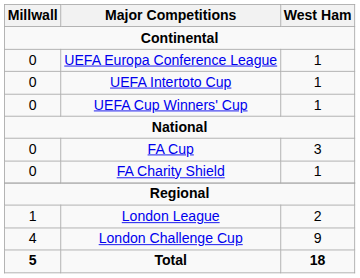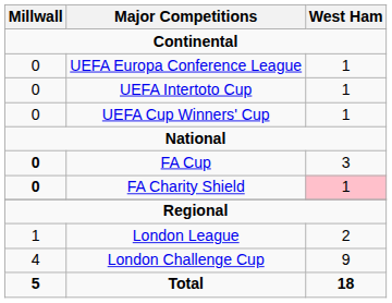 <table class="sortable wikitable plainrowheaders" style="text-align:center">
 <tr>
 <th scope="col";>Millwall</th>
 <th>Major Competitions</th>
 <th scope="col";>West Ham</th>
 </tr>
 <tr>
 <td colspan="3"><strong>Continental</strong></td>
 </tr>
 <tr>
 <td>0</td>
 <td><a href='#'>UEFA Europa Conference League</a></td>
 <td>1</td>
 </tr>
 <tr>
 <td>0</td>
 <td><a href='#'>UEFA Intertoto Cup</a></td>
 <td>1</td>
 </tr>
 <tr>
 <td>0</td>
 <td><a href='#'>UEFA Cup Winners' Cup</a></td>
 <td>1</td>
 </tr>
 <tr>
 <td colspan="3"><strong>National</strong></td>
 </tr>
 <tr>
-<td>0</td>
+<td><strong>0</strong></td>
 <td><a href='#'>FA Cup</a></td>
 <td>3</td>
 </tr>
 <tr>
-<td>0</td>
+<td><strong>0</strong></td>
 <td><a href='#'>FA Charity Shield</a></td>
-<td>1</td>
+<td style="background: pink;">1</td>
 </tr>
 <tr>
 </tr>
 <tr>
 <td colspan="3"><strong>Regional</strong></td>
 </tr>
 <tr>
 <td>1</td>
 <td><a href='#'>London League</a></td>
 <td>2</td>
 </tr>
 <tr>
 <td>4</td>
 <td><a href='#'>London Challenge Cup</a></td>
 <td>9</td>
 </tr>
 <tr>
 <td><strong>5</strong></td>
 <td><strong>Total</strong></td>
 <td><strong>18</strong></td>
 </tr>
 </table>
